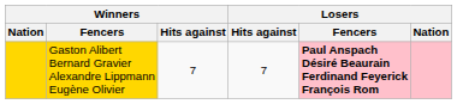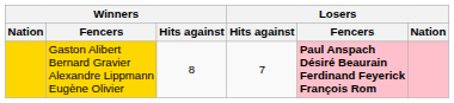 <table class=wikitable>
 <tr>
 <th colspan=3>Winners</th>
 <th colspan=3>Losers</th>
 </tr>
 <tr>
 <th>Nation</th>
 <th>Fencers</th>
 <th>Hits against</th>
 <th>Hits against</th>
 <th>Fencers</th>
 <th>Nation</th>
 </tr>
 <tr>
 <td bgcolor=gold></td>
 <td bgcolor=gold>Gaston Alibert <br> Bernard Gravier <br> Alexandre Lippmann <br> Eugène Olivier</td>
-<td align=center>7</td>
+<td align=center>8</td>
 <td align=center>7</td>
 <td bgcolor=pink><strong>Paul Anspach <br> Désiré Beaurain <br> Ferdinand Feyerick <br> François Rom</strong></td>
 <td bgcolor=pink></td>
 </tr>
 </table>
